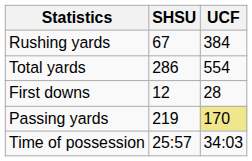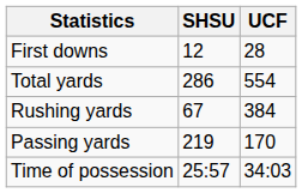 <table class="wikitable" style="float: right;">
 <tr>
 <th>Statistics</th>
 <th>SHSU</th>
 <th>UCF</th>
 </tr>
 <tr>
-<td>Rushing yards</td>
-<td>67</td>
-<td>384</td>
+<td>First downs</td>
+<td>12</td>
+<td>28</td>
 </tr>
 <tr>
 <td>Total yards</td>
 <td>286</td>
 <td>554</td>
 </tr>
 <tr>
-<td>First downs</td>
-<td>12</td>
-<td>28</td>
+<td>Rushing yards</td>
+<td>67</td>
+<td>384</td>
 </tr>
 <tr>
 <td>Passing yards</td>
 <td>219</td>
-<td style="background: khaki;">170</td>
+<td>170</td>
 </tr>
 <tr>
 <td>Time of possession</td>
 <td>25:57</td>
 <td>34:03</td>
 </tr>
 </table>
